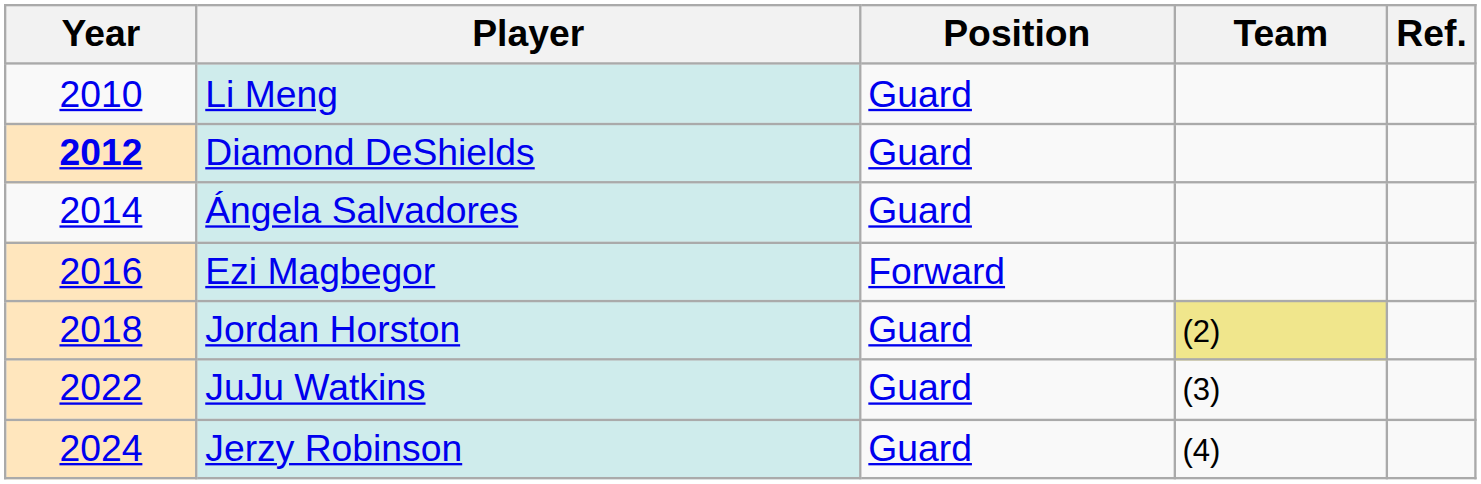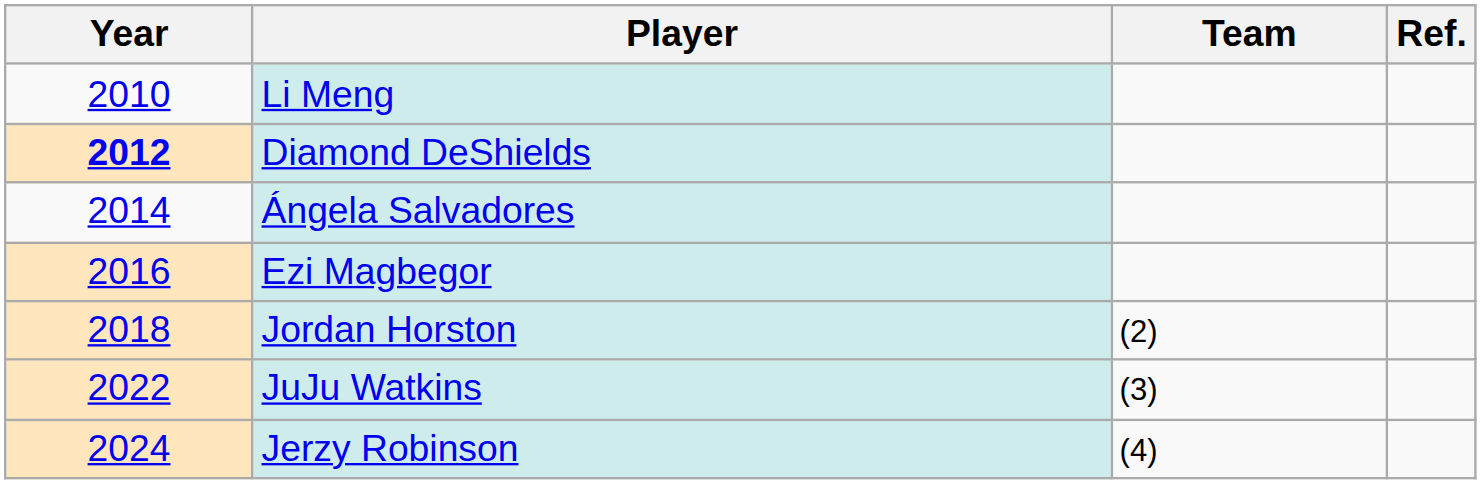 <table class="wikitable plainrowheaders sortable" style="width: 50%; text-align:left" summary="Season (sortable), Player (sortable), Position (sortable), Nationality (sortable) and Team (sortable)">
 <tr>
 <th scope="col">Year</th>
 <th scope="col">Player</th>
-<th scope="col">Position</th>
 <th scope="col">Team</th>
 <th width=5%>Ref.</th>
 </tr>
 <tr>
 <td scope="row" style="text-align: center"><a href='#'>2010</a></td>
 <td scope="row" style="background-color:#CFECEC"><a href='#'>Li Meng</a></td>
-<td align=left><a href='#'>Guard</a></td>
 <td align=left></td>
 <td></td>
 </tr>
 <tr>
 <td scope="row" style="background-color:#FFE6BD; text-align: center"><strong><a href='#'>2012</a></strong></td>
 <td scope="row" style="background-color:#CFECEC"><a href='#'>Diamond DeShields</a></td>
-<td align=left><a href='#'>Guard</a></td>
 <td align=left></td>
 <td></td>
 </tr>
 <tr>
 <td scope="row" style="text-align: center"><a href='#'>2014</a></td>
 <td scope="row" style="background-color:#CFECEC"><a href='#'>Ángela Salvadores</a></td>
-<td align=left><a href='#'>Guard</a></td>
 <td align=left></td>
 <td></td>
 </tr>
 <tr>
 <td scope="row" style="background-color:#FFE6BD; text-align: center"><a href='#'>2016</a></td>
 <td scope="row" style="background-color:#CFECEC"><a href='#'>Ezi Magbegor</a></td>
-<td align=left><a href='#'>Forward</a></td>
 <td align=left></td>
 <td></td>
 </tr>
 <tr>
 <td scope="row" style="background-color:#FFE6BD; text-align: center"><a href='#'>2018</a></td>
 <td scope="row" style="background-color:#CFECEC"><a href='#'>Jordan Horston</a></td>
-<td align=left><a href='#'>Guard</a></td>
-<td align=left style="background: khaki;"> <small>(2)</small></td>
+<td align=left> <small>(2)</small></td>
 <td></td>
 </tr>
 <tr>
 <td scope="row" style="background-color:#FFE6BD; text-align: center"><a href='#'>2022</a></td>
 <td scope="row" style="background-color:#CFECEC"><a href='#'>JuJu Watkins</a></td>
-<td align=left><a href='#'>Guard</a></td>
 <td align=left> <small>(3)</small></td>
 <td></td>
 </tr>
 <tr>
 <td scope="row" style="background-color:#FFE6BD; text-align: center"><a href='#'>2024</a></td>
 <td scope="row" style="background-color:#CFECEC"><a href='#'>Jerzy Robinson</a></td>
-<td align=left><a href='#'>Guard</a></td>
 <td align=left> <small>(4)</small></td>
 <td></td>
 </tr>
 </table>
